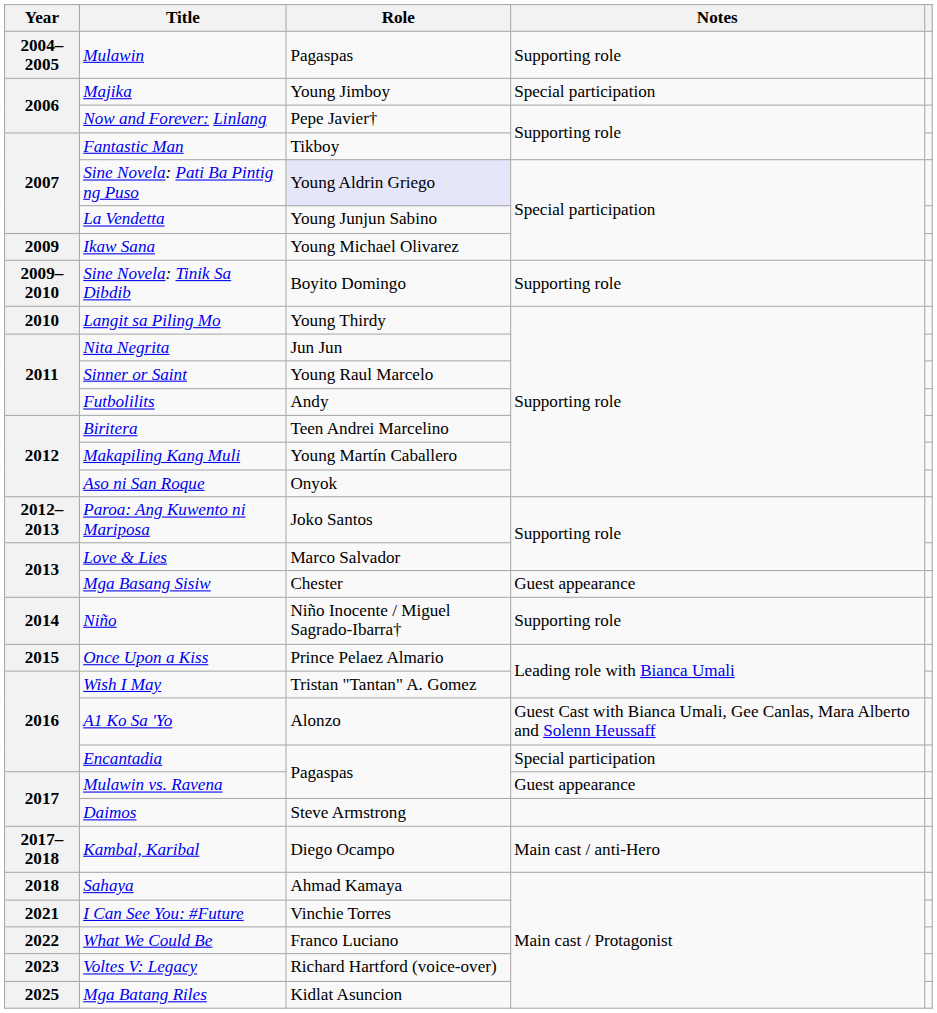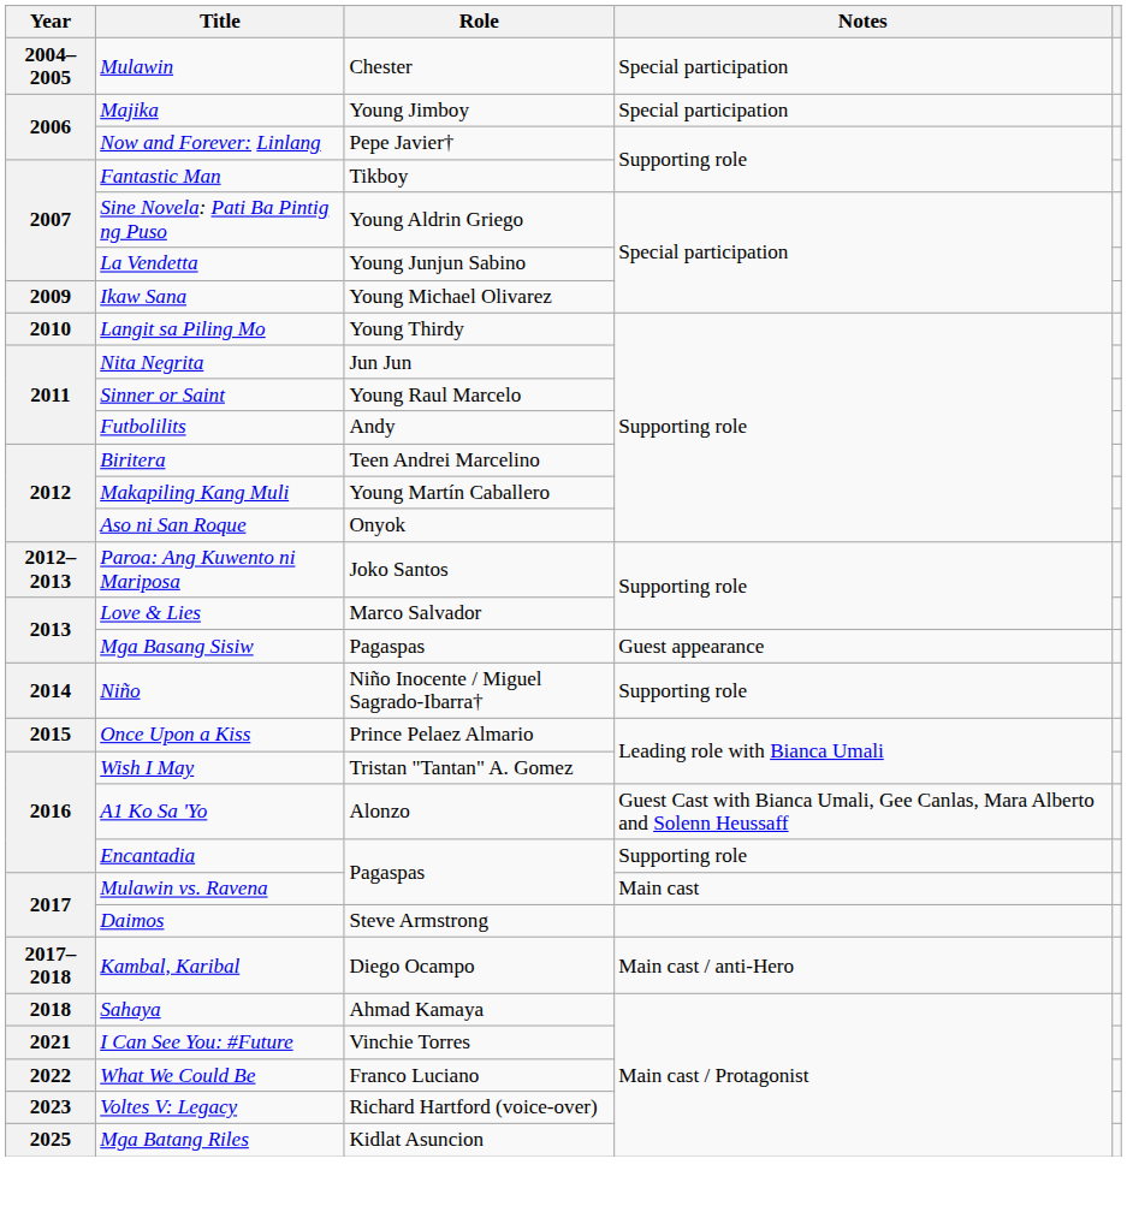 <table class="wikitable sortable plainrowheaders">
 <tr>
 <th scope="col">Year</th>
 <th scope="col">Title</th>
 <th scope="col">Role</th>
 <th scope="col" class="unsortable">Notes</th>
 <th scope="col" class="unsortble"></th>
 </tr>
 <tr>
 <th scope="row">2004–2005</th>
 <td><em><a href='#'>Mulawin</a></em></td>
-<td>Pagaspas</td>
-<td>Supporting role</td>
+<td>Chester</td>
+<td>Special participation</td>
 <td></td>
 </tr>
 <tr>
 <th scope="row" rowspan="2">2006</th>
 <td><em><a href='#'>Majika</a></em></td>
 <td>Young Jimboy</td>
 <td>Special participation</td>
 <td></td>
 </tr>
 <tr>
 <td><em><a href='#'>Now and Forever:</a></em> <em><a href='#'>Linlang</a></em></td>
 <td>Pepe Javier†</td>
 <td rowspan="2">Supporting role</td>
 <td></td>
 </tr>
 <tr>
 <th scope="row" rowspan="3">2007</th>
 <td><em><a href='#'>Fantastic Man</a></em></td>
 <td>Tikboy</td>
 <td></td>
 </tr>
 <tr>
 <td><em><a href='#'>Sine Novela</a>: <a href='#'>Pati Ba Pintig ng Puso</a></em></td>
-<td style="background: lavender;">Young Aldrin Griego</td>
+<td>Young Aldrin Griego</td>
 <td rowspan="3">Special participation</td>
 <td></td>
 </tr>
 <tr>
 <td><em><a href='#'>La Vendetta</a></em></td>
 <td>Young Junjun Sabino</td>
 <td></td>
 </tr>
 <tr>
 <th scope="row">2009</th>
 <td><em><a href='#'>Ikaw Sana</a></em></td>
 <td>Young Michael Olivarez</td>
-<td></td>
-</tr>
-<tr>
-<th scope="row">2009–2010</th>
-<td><em><a href='#'>Sine Novela</a>: <a href='#'>Tinik Sa Dibdib</a></em></td>
-<td>Boyito Domingo</td>
-<td>Supporting role</td>
 <td></td>
 </tr>
 <tr>
 <th scope="row">2010</th>
 <td><em><a href='#'>Langit sa Piling Mo</a></em></td>
 <td>Young Thirdy</td>
 <td rowspan="7">Supporting role</td>
 <td></td>
 </tr>
 <tr>
 <th scope="row" rowspan="3">2011</th>
 <td><em><a href='#'>Nita Negrita</a></em></td>
 <td>Jun Jun</td>
 <td></td>
 </tr>
 <tr>
 <td><em><a href='#'>Sinner or Saint</a></em></td>
 <td>Young Raul Marcelo</td>
 <td></td>
 </tr>
 <tr>
 <td><em><a href='#'>Futbolilits</a></em></td>
 <td>Andy</td>
 <td></td>
 </tr>
 <tr>
 <th scope="row" rowspan="3">2012</th>
 <td><em><a href='#'>Biritera</a></em></td>
 <td>Teen Andrei Marcelino</td>
 <td></td>
 </tr>
 <tr>
 <td><em><a href='#'>Makapiling Kang Muli</a></em></td>
 <td>Young Martín Caballero</td>
 <td></td>
 </tr>
 <tr>
 <td><em><a href='#'>Aso ni San Roque</a></em></td>
 <td>Onyok</td>
 <td></td>
 </tr>
 <tr>
 <th scope="row">2012–2013</th>
 <td><em><a href='#'>Paroa: Ang Kuwento ni Mariposa</a></em></td>
 <td>Joko Santos</td>
 <td rowspan="2">Supporting role</td>
 <td></td>
 </tr>
 <tr>
 <th scope="row" rowspan="2">2013</th>
 <td><em><a href='#'>Love & Lies</a></em></td>
 <td>Marco Salvador</td>
 <td></td>
 </tr>
 <tr>
 <td><em><a href='#'>Mga Basang Sisiw</a></em></td>
-<td>Chester</td>
+<td>Pagaspas</td>
 <td>Guest appearance</td>
 <td></td>
 </tr>
 <tr>
 <th scope="row">2014</th>
 <td><em><a href='#'>Niño</a></em></td>
 <td>Niño Inocente / Miguel Sagrado-Ibarra†</td>
 <td>Supporting role</td>
 <td></td>
 </tr>
 <tr>
 <th scope="row">2015</th>
 <td><em><a href='#'>Once Upon a Kiss</a></em></td>
 <td>Prince Pelaez Almario</td>
 <td rowspan="2">Leading role with <a href='#'>Bianca Umali</a></td>
 <td></td>
 </tr>
 <tr>
 <th scope="row" rowspan="3">2016</th>
 <td><em><a href='#'>Wish I May</a></em></td>
 <td>Tristan "Tantan" A. Gomez</td>
 <td></td>
 </tr>
 <tr>
 <td><em><a href='#'>A1 Ko Sa 'Yo</a></em></td>
 <td>Alonzo</td>
 <td>Guest Cast with Bianca Umali, Gee Canlas, Mara Alberto and <a href='#'>Solenn Heussaff</a></td>
 <td></td>
 </tr>
 <tr>
 <td><em><a href='#'>Encantadia</a></em></td>
 <td rowspan="2">Pagaspas</td>
-<td>Special participation</td>
+<td>Supporting role</td>
 <td></td>
 </tr>
 <tr>
 <th scope="row" rowspan="2">2017</th>
 <td><em><a href='#'>Mulawin vs. Ravena</a></em></td>
-<td>Guest appearance</td>
+<td>Main cast</td>
 <td></td>
 </tr>
 <tr>
 <td><em><a href='#'>Daimos</a></em></td>
 <td>Steve Armstrong</td>
 <td></td>
 <td></td>
 </tr>
 <tr>
 <th scope="row">2017–2018</th>
 <td><em><a href='#'>Kambal, Karibal</a></em></td>
 <td>Diego Ocampo</td>
 <td>Main cast / anti-Hero</td>
 <td></td>
 </tr>
 <tr>
 <th scope="row">2018</th>
 <td><em><a href='#'>Sahaya</a></em></td>
 <td>Ahmad Kamaya</td>
 <td rowspan="5">Main cast / Protagonist</td>
 <td></td>
 </tr>
 <tr>
 <th scope="row">2021</th>
 <td><em><a href='#'>I Can See You: #Future</a></em></td>
 <td>Vinchie Torres</td>
 <td></td>
 </tr>
 <tr>
 <th scope="row">2022</th>
 <td><em><a href='#'>What We Could Be</a></em></td>
 <td>Franco Luciano</td>
 <td></td>
 </tr>
 <tr>
 <th scope="row">2023</th>
 <td><em><a href='#'>Voltes V: Legacy</a></em></td>
 <td>Richard Hartford (voice-over)</td>
 <td></td>
 </tr>
 <tr>
 <th scope="row">2025</th>
 <td><em><a href='#'>Mga Batang Riles</a></em></td>
 <td>Kidlat Asuncion</td>
 <td></td>
 </tr>
 </table>
